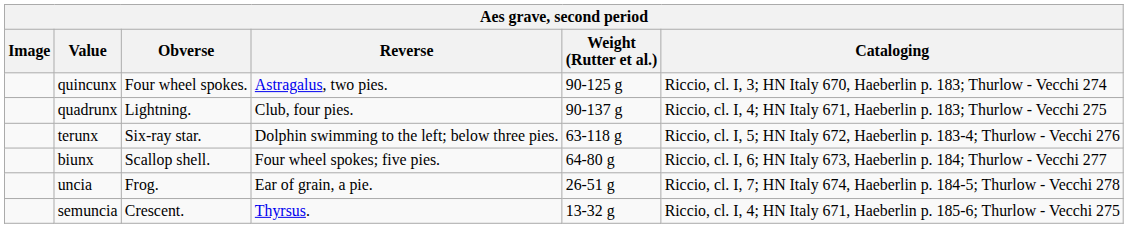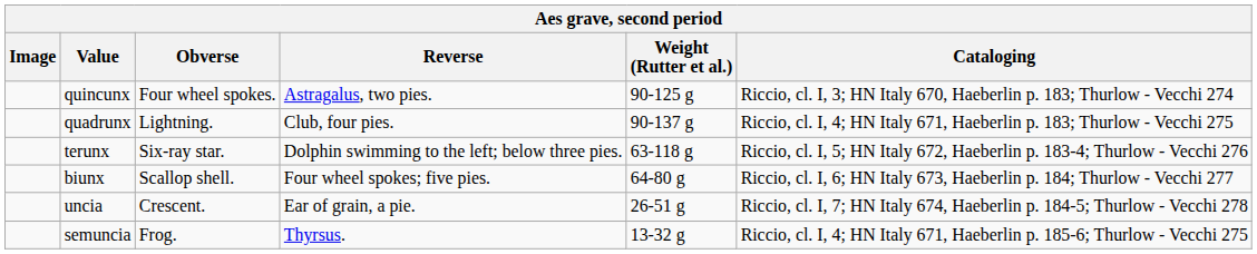 <table class="wikitable">
 <tr>
 <th colspan="6">Aes grave, second period</th>
 </tr>
 <tr>
 <th>Image</th>
 <th>Value</th>
 <th>Obverse</th>
 <th>Reverse</th>
 <th>Weight<br>(Rutter et al.)</th>
 <th>Cataloging</th>
 </tr>
 <tr>
 <td></td>
 <td>quincunx</td>
 <td>Four wheel spokes.</td>
 <td><a href='#'>Astragalus</a>, two pies.</td>
 <td>90-125 g</td>
 <td>Riccio, cl. I, 3; HN Italy 670, Haeberlin p. 183; Thurlow - Vecchi 274</td>
 </tr>
 <tr>
 <td></td>
 <td>quadrunx</td>
 <td>Lightning.</td>
 <td>Club, four pies.</td>
 <td>90-137 g</td>
 <td>Riccio, cl. I, 4; HN Italy 671, Haeberlin p. 183; Thurlow - Vecchi 275</td>
 </tr>
 <tr>
 <td></td>
 <td>terunx</td>
 <td>Six-ray star.</td>
 <td>Dolphin swimming to the left; below three pies.</td>
 <td>63-118 g</td>
 <td>Riccio, cl. I, 5; HN Italy 672, Haeberlin p. 183-4; Thurlow - Vecchi 276</td>
 </tr>
 <tr>
 <td></td>
 <td>biunx</td>
 <td>Scallop shell.</td>
 <td>Four wheel spokes; five pies.</td>
 <td>64-80 g</td>
 <td>Riccio, cl. I, 6; HN Italy 673, Haeberlin p. 184; Thurlow - Vecchi 277</td>
 </tr>
 <tr>
 <td></td>
 <td>uncia</td>
-<td>Frog.</td>
+<td>Crescent.</td>
 <td>Ear of grain, a pie.</td>
 <td>26-51 g</td>
 <td>Riccio, cl. I, 7; HN Italy 674, Haeberlin p. 184-5; Thurlow - Vecchi 278</td>
 </tr>
 <tr>
 <td></td>
 <td>semuncia</td>
-<td>Crescent.</td>
+<td>Frog.</td>
 <td><a href='#'>Thyrsus</a>.</td>
 <td>13-32 g</td>
 <td>Riccio, cl. I, 4; HN Italy 671, Haeberlin p. 185-6; Thurlow - Vecchi 275</td>
 </tr>
 </table>
